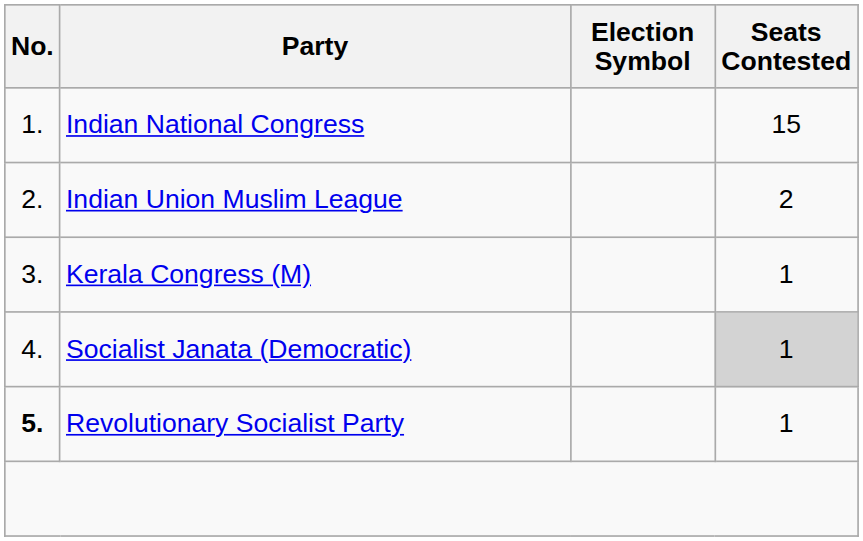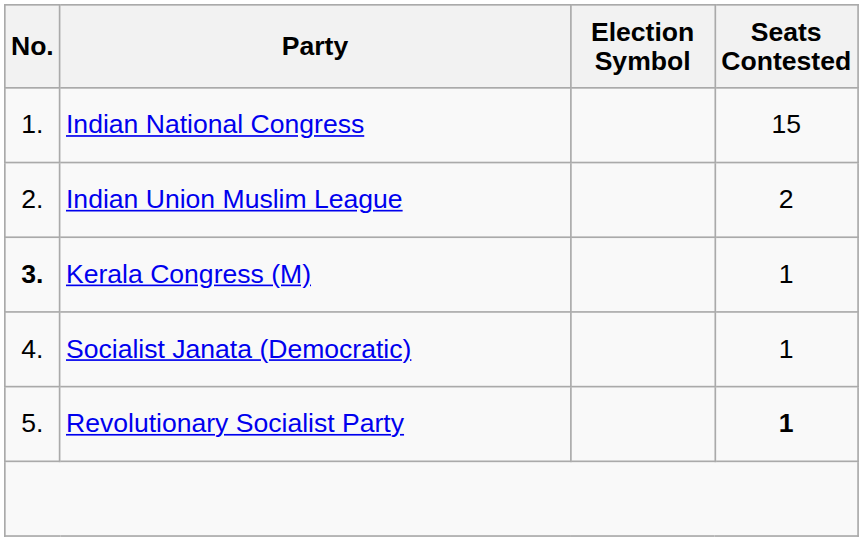 <table class="wikitable">
 <tr style="height: 50px;">
 <th scope="col" style="width:4px;">No.<br></th>
 <th scope="col" style="width:300px;">Party</th>
 <th scope="col" style="width:80px;">Election Symbol</th>
 <th scope="col" style="width:60px;">Seats Contested</th>
 </tr>
 <tr style="height: 45px;">
 <td ! style="text-align:center; background:">1.</td>
 <td><a href='#'>Indian National Congress</a></td>
 <td style="text-align:center;"></td>
 <td style="text-align:center;">15</td>
 </tr>
 <tr style="height: 45px;">
 <td ! style="text-align:center; background:">2.</td>
 <td><a href='#'>Indian Union Muslim League</a></td>
 <td style="text-align:center;"></td>
 <td style="text-align:center;">2</td>
 </tr>
 <tr style="height: 45px;">
-<td ! style="text-align:center; background:">3.</td>
+<td ! style="text-align:center; background:"><strong>3.</strong></td>
 <td><a href='#'>Kerala Congress (M)</a></td>
 <td style="text-align:center;"></td>
 <td style="text-align:center;">1</td>
 </tr>
 <tr style="height: 45px;">
 <td ! style="text-align:center; background:">4.</td>
 <td><a href='#'>Socialist Janata (Democratic)</a></td>
 <td style="text-align:center;"></td>
-<td style="background: lightgrey; text-align:center;">1</td>
+<td style="text-align:center;">1</td>
 </tr>
 <tr style="height: 45px;">
-<td ! style="text-align:center; background:"><strong>5.</strong></td>
+<td ! style="text-align:center; background:">5.</td>
 <td><a href='#'>Revolutionary Socialist Party</a></td>
 <td style="text-align:center;"></td>
-<td style="text-align:center;">1</td>
+<td style="text-align:center;"><strong>1</strong></td>
 </tr>
 <tr style="height: 45px;">
 </tr>
 </table>
